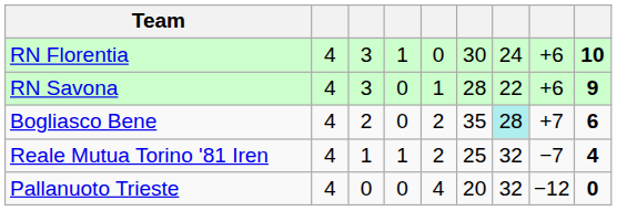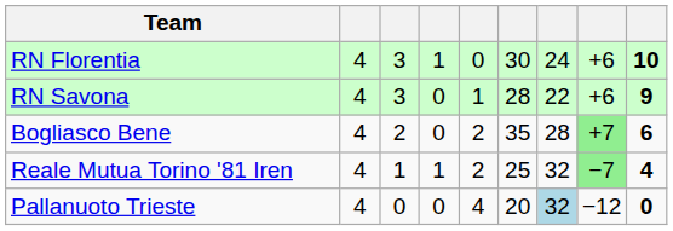 <table class="wikitable" style="text-align:center;">
 <tr>
 <th width=225>Team</th>
 <th width=20></th>
 <th width=20></th>
 <th width=20></th>
 <th width=20></th>
 <th width=20></th>
 <th width=20></th>
 <th width=20></th>
 <th width=20></th>
 </tr>
 <tr style="background:#cfc;">
 <td align="left"> <a href='#'>RN Florentia</a></td>
 <td>4</td>
 <td>3</td>
 <td>1</td>
 <td>0</td>
 <td>30</td>
 <td>24</td>
 <td>+6</td>
 <td><strong>10</strong></td>
 </tr>
 <tr style="background:#cfc;">
 <td align="left"> <a href='#'>RN Savona</a></td>
 <td>4</td>
 <td>3</td>
 <td>0</td>
 <td>1</td>
 <td>28</td>
 <td>22</td>
 <td>+6</td>
 <td><strong>9</strong></td>
 </tr>
 <tr>
 <td align="left"> <a href='#'>Bogliasco Bene</a></td>
 <td>4</td>
 <td>2</td>
 <td>0</td>
 <td>2</td>
 <td>35</td>
-<td style="background: paleturquoise;">28</td>
-<td>+7</td>
+<td>28</td>
+<td style="background: lightgreen;">+7</td>
 <td><strong>6</strong></td>
 </tr>
 <tr>
 <td align="left"> <a href='#'>Reale Mutua Torino '81 Iren</a></td>
 <td>4</td>
 <td>1</td>
 <td>1</td>
 <td>2</td>
 <td>25</td>
 <td>32</td>
-<td>−7</td>
+<td style="background: lightgreen;">−7</td>
 <td><strong>4</strong></td>
 </tr>
 <tr>
 <td align="left"> <a href='#'>Pallanuoto Trieste</a></td>
 <td>4</td>
 <td>0</td>
 <td>0</td>
 <td>4</td>
 <td>20</td>
-<td>32</td>
+<td style="background: lightblue;">32</td>
 <td>−12</td>
 <td><strong>0</strong></td>
 </tr>
 </table>
